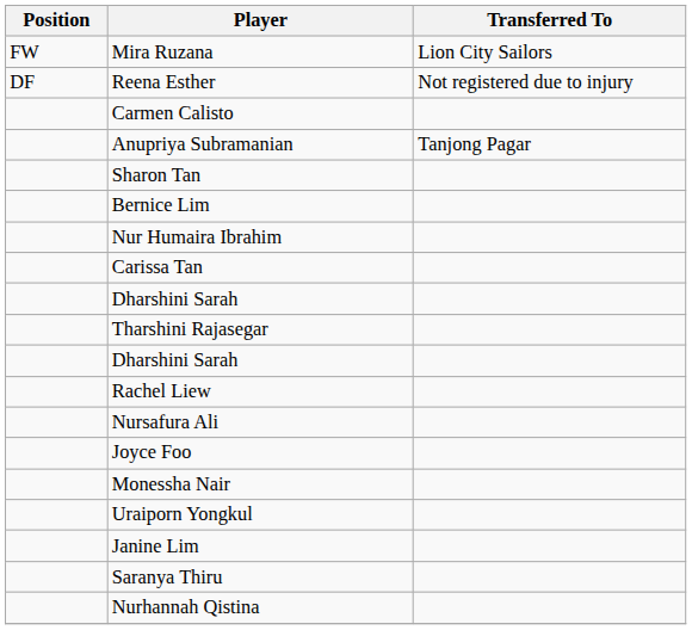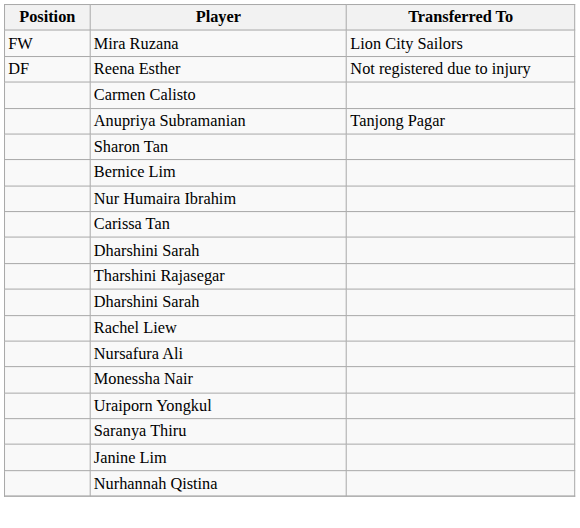 <table class="wikitable sortable" style="width:35em; text-align:center; font-size:100%; text-align:left;">
 <tr>
 <th style="width:15%;">Position</th>
 <th style="width:45%;">Player</th>
 <th style="width:40%;">Transferred To</th>
 </tr>
 <tr>
 <td>FW</td>
 <td> Mira Ruzana</td>
 <td> Lion City Sailors</td>
 </tr>
 <tr>
 <td>DF</td>
 <td> Reena Esther</td>
 <td>Not registered due to injury</td>
 </tr>
 <tr>
 <td></td>
 <td> Carmen Calisto</td>
 <td></td>
 </tr>
 <tr>
 <td></td>
 <td> Anupriya Subramanian</td>
 <td> Tanjong Pagar</td>
 </tr>
 <tr>
 <td></td>
 <td> Sharon Tan</td>
 <td></td>
 </tr>
 <tr>
 <td></td>
 <td> Bernice Lim</td>
 <td></td>
 </tr>
 <tr>
 <td></td>
 <td> Nur Humaira Ibrahim</td>
 <td></td>
 </tr>
 <tr>
 <td></td>
 <td> Carissa Tan</td>
 <td></td>
 </tr>
 <tr>
 <td></td>
 <td> Dharshini Sarah</td>
 <td></td>
 </tr>
 <tr>
 <td></td>
 <td> Tharshini Rajasegar</td>
 <td></td>
 </tr>
 <tr>
 <td></td>
 <td> Dharshini Sarah</td>
 <td></td>
 </tr>
 <tr>
 <td></td>
 <td> Rachel Liew</td>
 <td></td>
 </tr>
 <tr>
 <td></td>
 <td> Nursafura Ali</td>
 <td></td>
 </tr>
 <tr>
 <td></td>
-<td> Joyce Foo</td>
-<td></td>
-</tr>
-<tr>
-<td></td>
 <td> Monessha Nair</td>
 <td></td>
 </tr>
 <tr>
 <td></td>
 <td> Uraiporn Yongkul</td>
 <td></td>
 </tr>
 <tr>
 <td></td>
-<td> Janine Lim</td>
+<td> Saranya Thiru</td>
 <td></td>
 </tr>
 <tr>
 <td></td>
-<td> Saranya Thiru</td>
+<td> Janine Lim</td>
 <td></td>
 </tr>
 <tr>
 <td></td>
 <td> Nurhannah Qistina</td>
 <td></td>
 </tr>
 <tr>
 </tr>
 </table>
